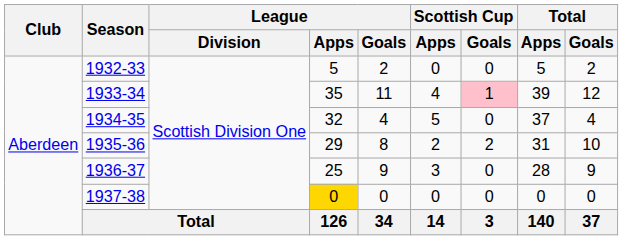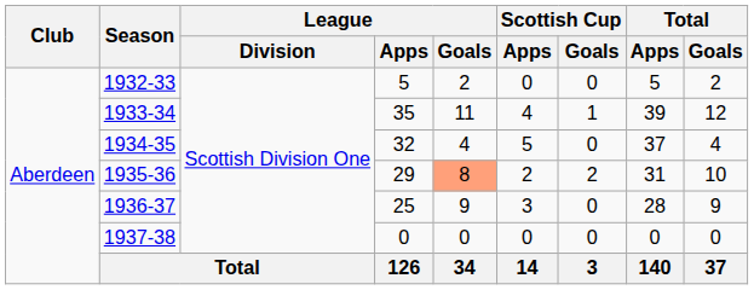 <table class="wikitable" style="text-align:center">
 <tr>
 <th rowspan="2">Club</th>
 <th rowspan="2">Season</th>
 <th colspan="3">League</th>
 <th colspan="2">Scottish Cup</th>
 <th colspan="2">Total</th>
 </tr>
 <tr>
 <th>Division</th>
 <th>Apps</th>
 <th>Goals</th>
 <th>Apps</th>
 <th>Goals</th>
 <th>Apps</th>
 <th>Goals</th>
 </tr>
 <tr>
 <td rowspan="7"><a href='#'>Aberdeen</a></td>
 <td><a href='#'>1932-33</a></td>
 <td rowspan="6"><a href='#'>Scottish Division One</a></td>
 <td>5</td>
 <td>2</td>
 <td>0</td>
 <td>0</td>
 <td>5</td>
 <td>2</td>
 </tr>
 <tr>
 <td><a href='#'>1933-34</a></td>
 <td>35</td>
 <td>11</td>
 <td>4</td>
-<td style="background: pink;">1</td>
+<td>1</td>
 <td>39</td>
 <td>12</td>
 </tr>
 <tr>
 <td><a href='#'>1934-35</a></td>
 <td>32</td>
 <td>4</td>
 <td>5</td>
 <td>0</td>
 <td>37</td>
 <td>4</td>
 </tr>
 <tr>
 <td><a href='#'>1935-36</a></td>
 <td>29</td>
-<td>8</td>
+<td style="background: lightsalmon;">8</td>
 <td>2</td>
 <td>2</td>
 <td>31</td>
 <td>10</td>
 </tr>
 <tr>
 <td><a href='#'>1936-37</a></td>
 <td>25</td>
 <td>9</td>
 <td>3</td>
 <td>0</td>
 <td>28</td>
 <td>9</td>
 </tr>
 <tr>
 <td><a href='#'>1937-38</a></td>
-<td style="background: gold;">0</td>
+<td>0</td>
 <td>0</td>
 <td>0</td>
 <td>0</td>
 <td>0</td>
 <td>0</td>
 </tr>
 <tr>
 <th colspan="2">Total</th>
 <th>126</th>
 <th>34</th>
 <th>14</th>
 <th>3</th>
 <th>140</th>
 <th>37</th>
 </tr>
 </table>
